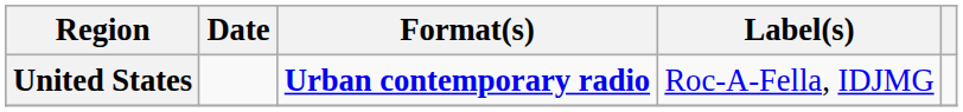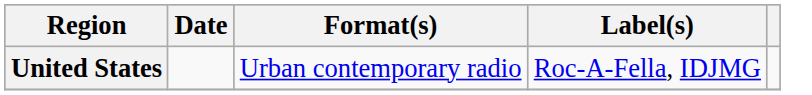 <table class="wikitable plainrowheaders" style="text-align:left">
 <tr>
 <th scope="col">Region</th>
 <th scope="col">Date</th>
 <th scope="col">Format(s)</th>
 <th scope="col">Label(s)</th>
 <th scope="col"></th>
 </tr>
 <tr>
 <th scope="row">United States</th>
 <td></td>
-<td><strong><a href='#'>Urban contemporary radio</a></strong></td>
+<td><a href='#'>Urban contemporary radio</a></td>
 <td><a href='#'>Roc-A-Fella</a>, <a href='#'>IDJMG</a></td>
 <td></td>
 </tr>
 <tr>
 </tr>
 </table>
